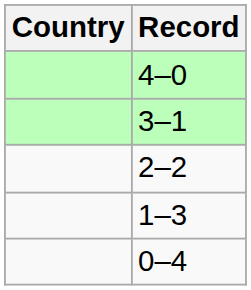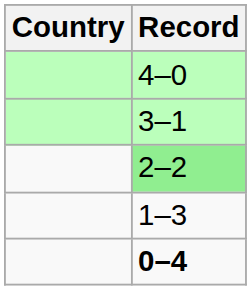 <table class="wikitable">
 <tr>
 <th>Country</th>
 <th>Record</th>
 </tr>
 <tr bgcolor=#bbffbb>
 <td><strong></strong></td>
 <td>4–0</td>
 </tr>
 <tr bgcolor=#bbffbb>
 <td><strong></strong></td>
 <td>3–1</td>
 </tr>
 <tr>
 <td><strong></strong></td>
-<td>2–2</td>
+<td style="background: lightgreen;">2–2</td>
 </tr>
 <tr>
 <td><strong></strong></td>
 <td>1–3</td>
 </tr>
 <tr>
 <td><strong></strong></td>
-<td>0–4</td>
+<td><strong>0–4</strong></td>
 </tr>
 </table>
